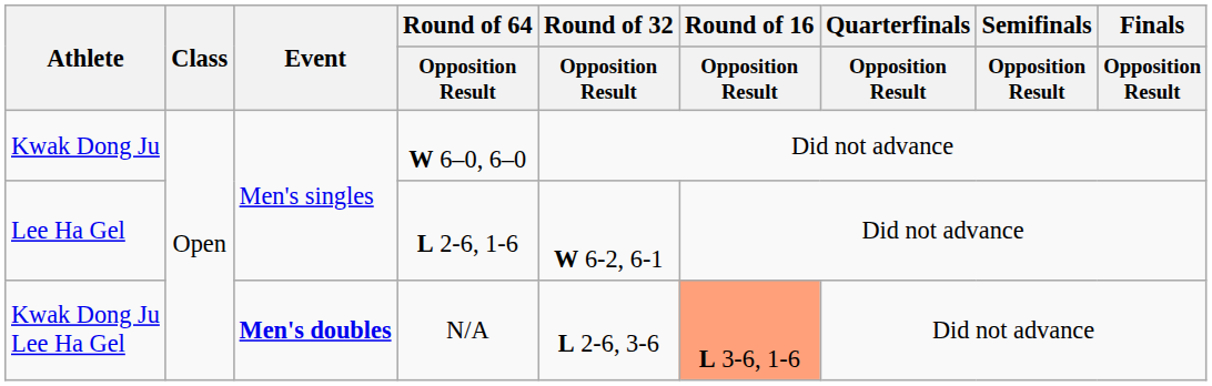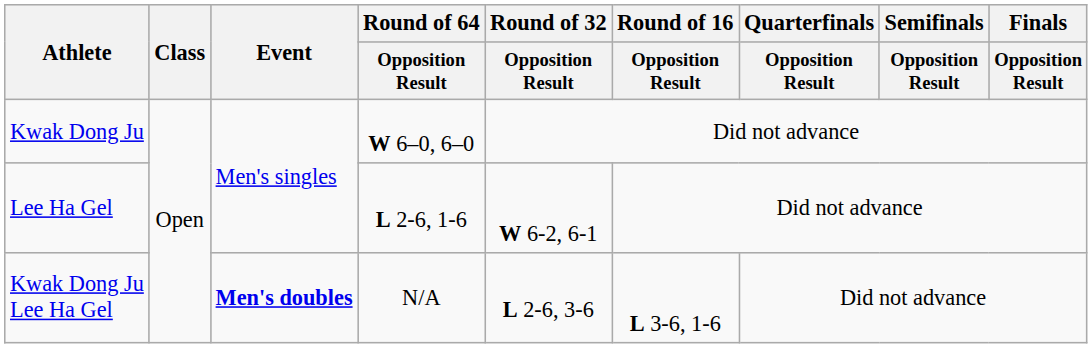 <table class=wikitable style="font-size:90%">
 <tr>
 <th rowspan="2">Athlete</th>
 <th rowspan="2">Class</th>
 <th rowspan="2">Event</th>
 <th>Round of 64</th>
 <th>Round of 32</th>
 <th>Round of 16</th>
 <th>Quarterfinals</th>
 <th>Semifinals</th>
 <th>Finals</th>
 </tr>
 <tr>
 <th style="line-height:1em"><small>Opposition<br>Result</small></th>
 <th style="line-height:1em"><small>Opposition<br>Result</small></th>
 <th style="line-height:1em"><small>Opposition<br>Result</small></th>
 <th style="line-height:1em"><small>Opposition<br>Result</small></th>
 <th style="line-height:1em"><small>Opposition<br>Result</small></th>
 <th style="line-height:1em"><small>Opposition<br>Result</small></th>
 </tr>
 <tr>
 <td><a href='#'>Kwak Dong Ju</a></td>
 <td rowspan="3" style="text-align:center;">Open</td>
 <td rowspan="2"><a href='#'>Men's singles</a></td>
 <td style="text-align:center;"><br><strong>W</strong> 6–0, 6–0</td>
 <td style="text-align:center;" colspan="5">Did not advance</td>
 </tr>
 <tr>
 <td><a href='#'>Lee Ha Gel</a></td>
 <td style="text-align:center;"><br><strong>L</strong> 2-6, 1-6</td>
 <td style="text-align:center;"><br> <br><strong>W</strong> 6-2, 6-1</td>
 <td style="text-align:center;" colspan="4">Did not advance</td>
 </tr>
 <tr>
 <td><a href='#'>Kwak Dong Ju</a><br> <a href='#'>Lee Ha Gel</a></td>
 <td><strong><a href='#'>Men's doubles</a></strong></td>
 <td style="text-align:center;">N/A</td>
 <td style="text-align:center;"><br><strong>L</strong> 2-6, 3-6</td>
-<td style="background: lightsalmon; text-align:center;"><br> <br><strong>L</strong> 3-6, 1-6</td>
+<td style="text-align:center;"><br> <br><strong>L</strong> 3-6, 1-6</td>
 <td style="text-align:center;" colspan="3">Did not advance</td>
 </tr>
 </table>
